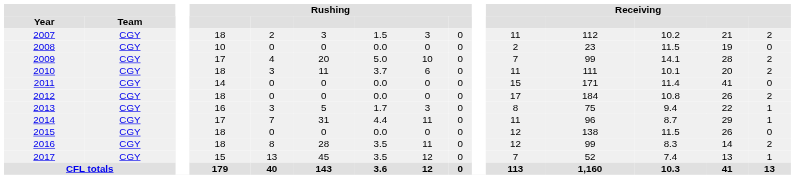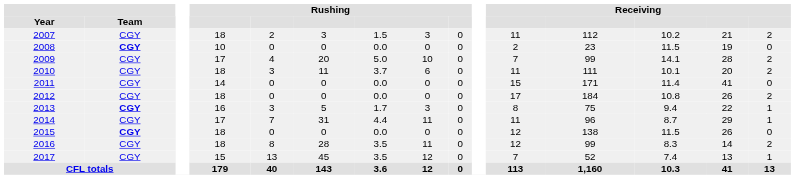 <table BORDER="0" CELLPADDING="1" CELLSPACING="0" width="65%" style="text-align:center">
 <tr bgcolor="#e0e0e0">
 <th colspan="2"></th>
 <th rowspan="100" bgcolor="#ffffff"> </th>
 <th colspan="6">Rushing</th>
 <th rowspan="100" bgcolor="#ffffff"> </th>
 <th colspan="5">Receiving</th>
 </tr>
 <tr bgcolor="#e0e0e0">
 <th>Year</th>
 <th>Team</th>
 <th></th>
 <th></th>
 <th></th>
 <th></th>
 <th></th>
 <th></th>
 <th></th>
 <th></th>
 <th></th>
 <th></th>
 <th></th>
 </tr>
 <tr ALIGN="center" bgcolor="#f0f0f0">
 <td><a href='#'>2007</a></td>
 <td><a href='#'>CGY</a></td>
 <td>18</td>
 <td>2</td>
 <td>3</td>
 <td>1.5</td>
 <td>3</td>
 <td>0</td>
 <td>11</td>
 <td>112</td>
 <td>10.2</td>
 <td>21</td>
 <td>2</td>
 </tr>
 <tr ALIGN="center" bgcolor="#f0f0f0">
 <td><a href='#'>2008</a></td>
-<td><a href='#'>CGY</a></td>
+<td><strong><a href='#'>CGY</a></strong></td>
 <td>10</td>
 <td>0</td>
 <td>0</td>
 <td>0.0</td>
 <td>0</td>
 <td>0</td>
 <td>2</td>
 <td>23</td>
 <td>11.5</td>
 <td>19</td>
 <td>0</td>
 </tr>
 <tr ALIGN="center" bgcolor="#f0f0f0">
 <td><a href='#'>2009</a></td>
 <td><a href='#'>CGY</a></td>
 <td>17</td>
 <td>4</td>
 <td>20</td>
 <td>5.0</td>
 <td>10</td>
 <td>0</td>
 <td>7</td>
 <td>99</td>
 <td>14.1</td>
 <td>28</td>
 <td>2</td>
 </tr>
 <tr ALIGN="center" bgcolor="#f0f0f0">
 <td><a href='#'>2010</a></td>
 <td><a href='#'>CGY</a></td>
 <td>18</td>
 <td>3</td>
 <td>11</td>
 <td>3.7</td>
 <td>6</td>
 <td>0</td>
 <td>11</td>
 <td>111</td>
 <td>10.1</td>
 <td>20</td>
 <td>2</td>
 </tr>
 <tr ALIGN="center" bgcolor="#f0f0f0">
 <td><a href='#'>2011</a></td>
 <td><a href='#'>CGY</a></td>
 <td>14</td>
 <td>0</td>
 <td>0</td>
 <td>0.0</td>
 <td>0</td>
 <td>0</td>
 <td>15</td>
 <td>171</td>
 <td>11.4</td>
 <td>41</td>
 <td>0</td>
 </tr>
 <tr ALIGN="center" bgcolor="#f0f0f0">
 <td><a href='#'>2012</a></td>
 <td><a href='#'>CGY</a></td>
 <td>18</td>
 <td>0</td>
 <td>0</td>
 <td>0.0</td>
 <td>0</td>
 <td>0</td>
 <td>17</td>
 <td>184</td>
 <td>10.8</td>
 <td>26</td>
 <td>2</td>
 </tr>
 <tr ALIGN="center" bgcolor="#f0f0f0">
 <td><a href='#'>2013</a></td>
-<td><a href='#'>CGY</a></td>
+<td><strong><a href='#'>CGY</a></strong></td>
 <td>16</td>
 <td>3</td>
 <td>5</td>
 <td>1.7</td>
 <td>3</td>
 <td>0</td>
 <td>8</td>
 <td>75</td>
 <td>9.4</td>
 <td>22</td>
 <td>1</td>
 </tr>
 <tr ALIGN="center" bgcolor="#f0f0f0">
 <td><a href='#'>2014</a></td>
 <td><a href='#'>CGY</a></td>
 <td>17</td>
 <td>7</td>
 <td>31</td>
 <td>4.4</td>
 <td>11</td>
 <td>0</td>
 <td>11</td>
 <td>96</td>
 <td>8.7</td>
 <td>29</td>
 <td>1</td>
 </tr>
 <tr ALIGN="center" bgcolor="#f0f0f0">
 <td><a href='#'>2015</a></td>
-<td><a href='#'>CGY</a></td>
+<td><strong><a href='#'>CGY</a></strong></td>
 <td>18</td>
 <td>0</td>
 <td>0</td>
 <td>0.0</td>
 <td>0</td>
 <td>0</td>
 <td>12</td>
 <td>138</td>
 <td>11.5</td>
 <td>26</td>
 <td>0</td>
 </tr>
 <tr ALIGN="center" bgcolor="#f0f0f0">
 <td><a href='#'>2016</a></td>
 <td><a href='#'>CGY</a></td>
 <td>18</td>
 <td>8</td>
 <td>28</td>
 <td>3.5</td>
 <td>11</td>
 <td>0</td>
 <td>12</td>
 <td>99</td>
 <td>8.3</td>
 <td>14</td>
 <td>2</td>
 </tr>
 <tr ALIGN="center" bgcolor="#f0f0f0">
 <td><a href='#'>2017</a></td>
 <td><a href='#'>CGY</a></td>
 <td>15</td>
 <td>13</td>
 <td>45</td>
 <td>3.5</td>
 <td>12</td>
 <td>0</td>
 <td>7</td>
 <td>52</td>
 <td>7.4</td>
 <td>13</td>
 <td>1</td>
 </tr>
 <tr bgcolor="#e0e0e0">
 <th colspan="2"><a href='#'>CFL totals</a></th>
 <th>179</th>
 <th>40</th>
 <th>143</th>
 <th>3.6</th>
 <th>12</th>
 <th>0</th>
 <th>113</th>
 <th>1,160</th>
 <th>10.3</th>
 <th>41</th>
 <th>13</th>
 </tr>
 </table>
